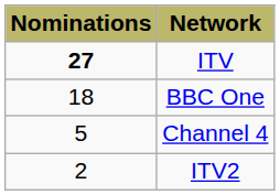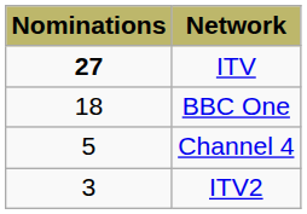 <table class="wikitable" style="text-align:center;">
 <tr>
 <th style="background:#BDB76B;">Nominations</th>
 <th style="background:#BDB76B;">Network</th>
 </tr>
 <tr>
 <td><strong>27</strong></td>
 <td><a href='#'>ITV</a></td>
 </tr>
 <tr>
 <td>18</td>
 <td><a href='#'>BBC One</a></td>
 </tr>
 <tr>
 <td>5</td>
 <td><a href='#'>Channel 4</a></td>
 </tr>
 <tr>
-<td>2</td>
+<td>3</td>
 <td><a href='#'>ITV2</a></td>
 </tr>
 </table>
